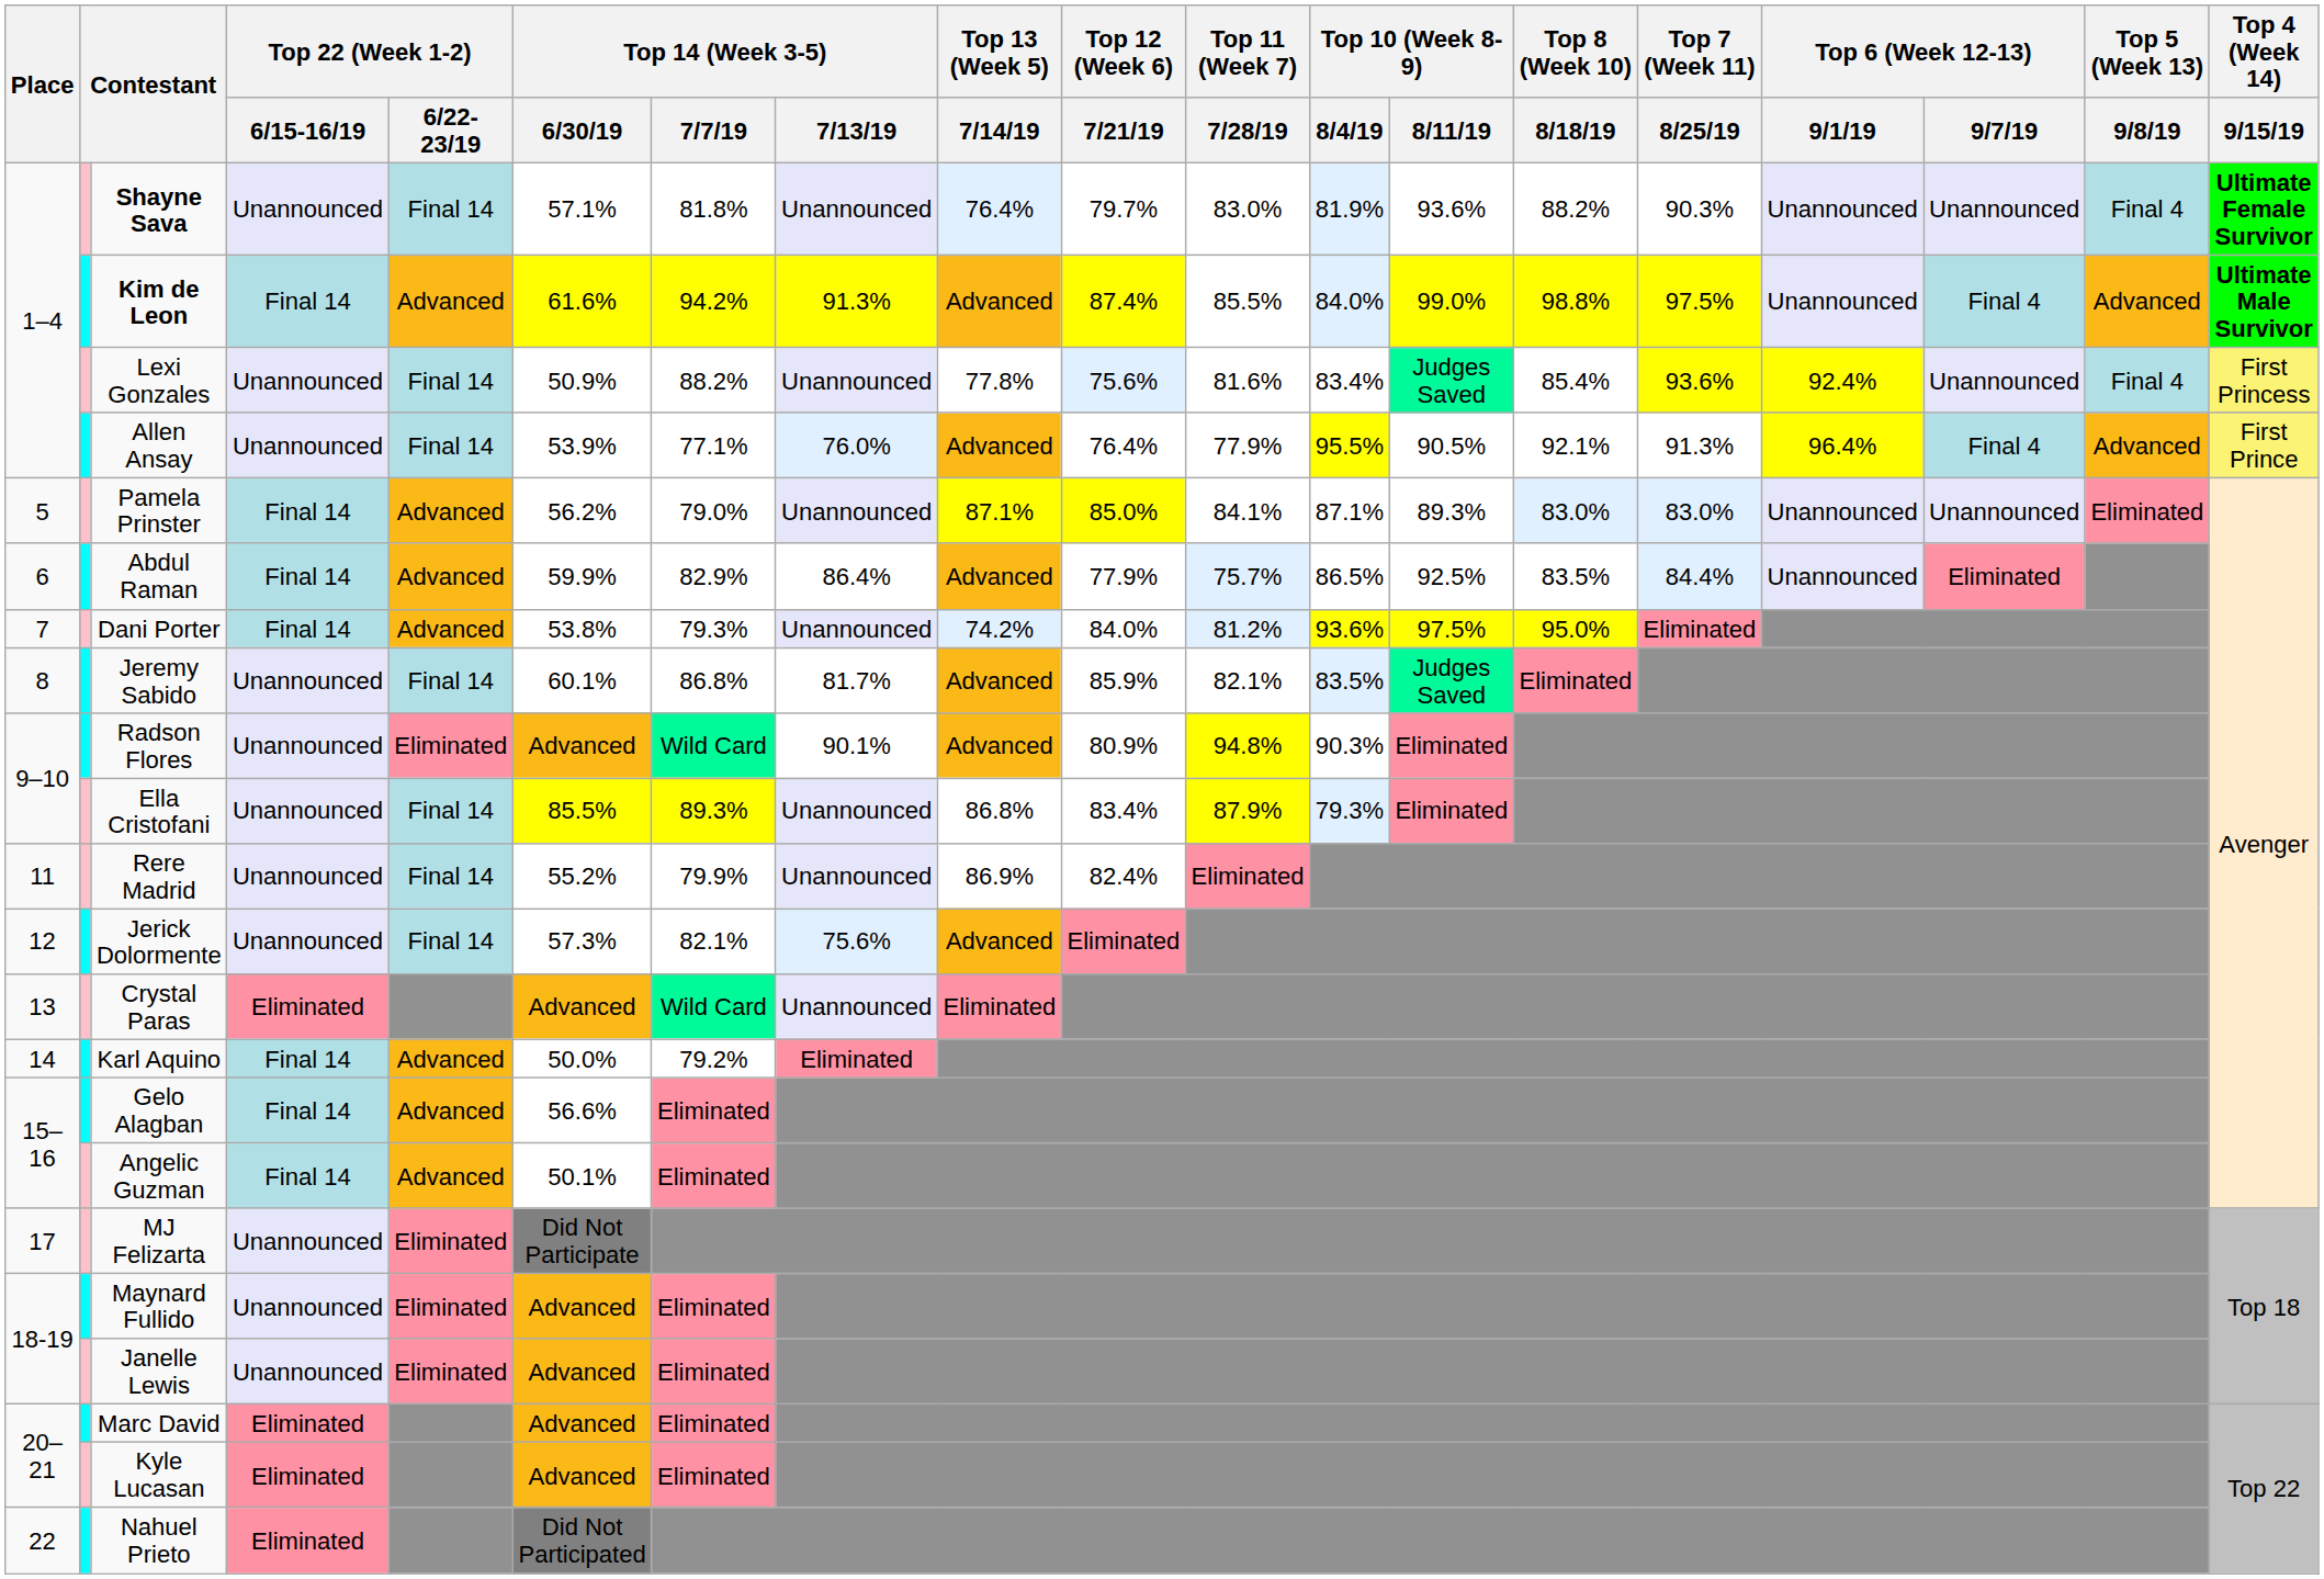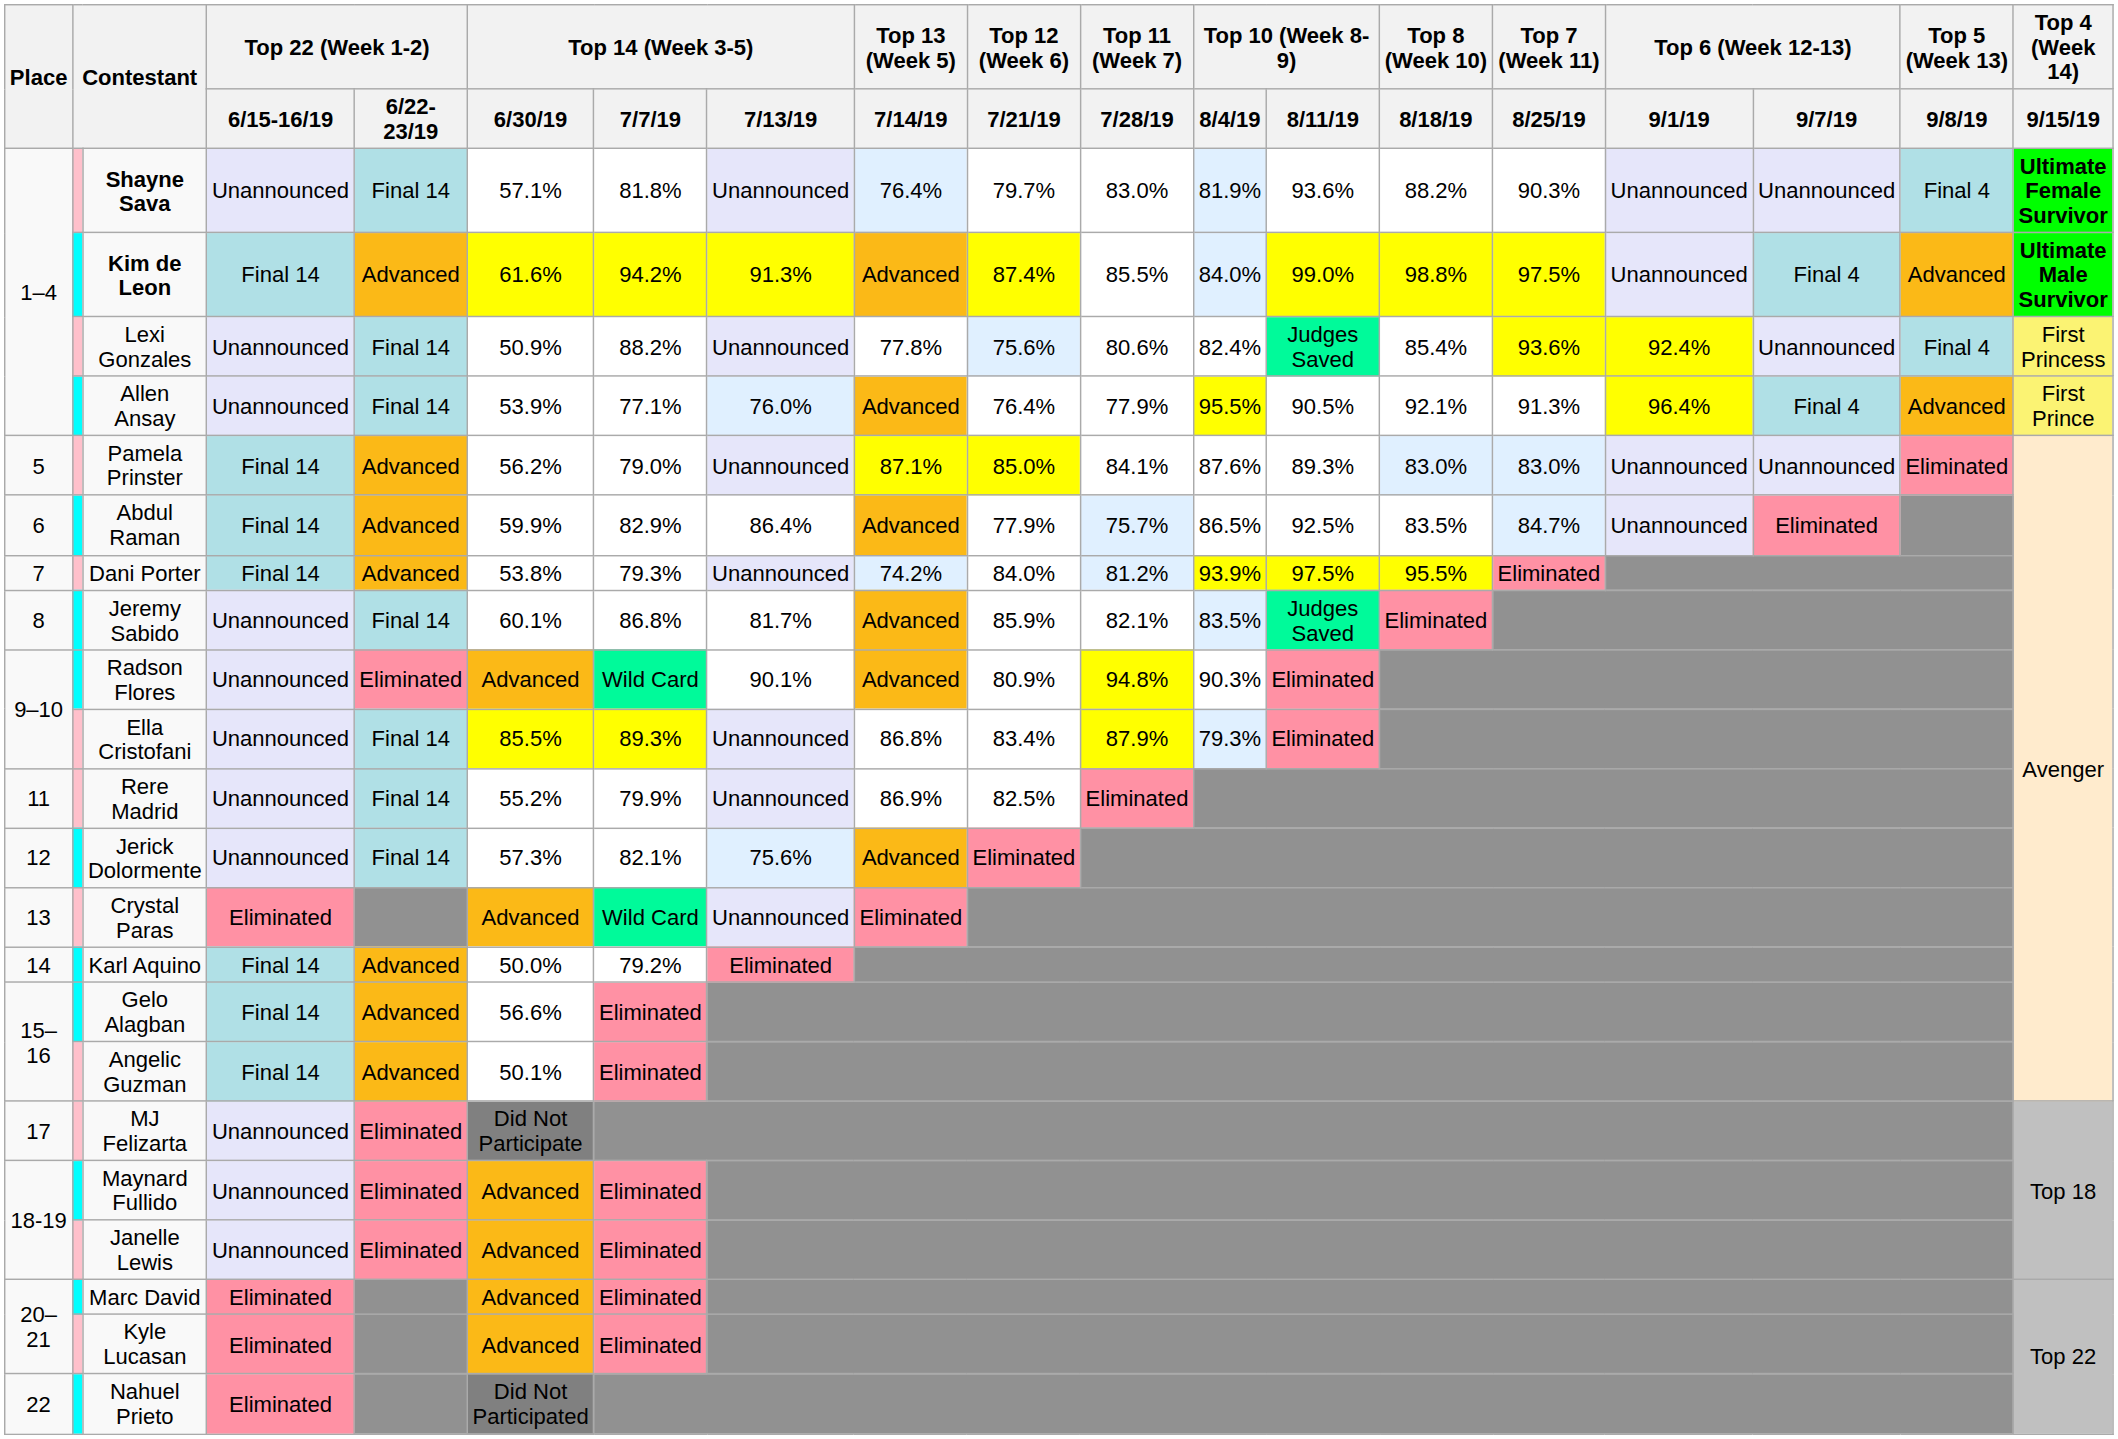 <table class="wikitable nowrap" style="text-align:center; font-size:95%; width:99%;">
 <tr>
 <th scope="col" rowspan="2">Place</th>
 <th scope="col" rowspan="2" colspan="2">Contestant</th>
 <th scope="col" colspan="2" style="width:24%;">Top 22 (Week 1-2)</th>
 <th scope="col" colspan="3" style="width:24%;">Top 14 (Week 3-5)</th>
 <th scope="col" style="width:7%;">Top 13 (Week 5)</th>
 <th scope="col" style="width:7%;">Top 12 (Week 6)</th>
 <th scope="col" style="width:7%;">Top 11 (Week 7)</th>
 <th scope="col" colspan="2" style="width:24%;">Top 10 (Week 8-9)</th>
 <th scope="col" style="width:7%;">Top 8 (Week 10)</th>
 <th scope="col" style="width:7%;">Top 7 (Week 11)</th>
 <th scope="col" colspan="2" style="width:24%;">Top 6 (Week 12-13)</th>
 <th scope="col" style="width:7%;">Top 5 (Week 13)</th>
 <th scope="col" style="width:7%;">Top 4 (Week 14)</th>
 </tr>
 <tr>
 <th scope="col">6/15-16/19 </th>
 <th scope="col">6/22-23/19 </th>
 <th scope="col">6/30/19 </th>
 <th scope="col">7/7/19 </th>
 <th scope="col">7/13/19</th>
 <th scope="col">7/14/19</th>
 <th scope="col">7/21/19</th>
 <th scope="col">7/28/19 </th>
 <th scope="col">8/4/19 </th>
 <th scope="col">8/11/19 </th>
 <th scope="col">8/18/19 </th>
 <th scope="col">8/25/19 </th>
 <th scope="col">9/1/19 </th>
 <th scope="col">9/7/19 </th>
 <th scope="col">9/8/19 </th>
 <th scope="col">9/15/19 </th>
 </tr>
 <tr>
 <td rowspan="4">1–4</td>
 <td style="background:pink;"></td>
 <td><strong>Shayne Sava</strong></td>
 <td style="background:lavender">Unannounced</td>
 <td style="background:#B0E0E6">Final 14</td>
 <td style="background:#FFFFFF">57.1%</td>
 <td style="background:#FFFFFF">81.8%</td>
 <td style="background:lavender">Unannounced</td>
 <td style="background:#e0f0ff">76.4%</td>
 <td style="background:#FFFFFF">79.7%</td>
 <td style="background:#FFFFFF">83.0%</td>
 <td style="background:#e0f0ff">81.9%</td>
 <td style="background:#FFFFFF">93.6%</td>
 <td style="background:#FFFFFF">88.2%</td>
 <td style="background:#FFFFFF">90.3%</td>
 <td style="background:lavender">Unannounced</td>
 <td style="background:lavender">Unannounced</td>
 <td style="background:#B0E0E6">Final 4</td>
 <td style="background:lime" align="center"><strong>Ultimate Female Survivor</strong></td>
 </tr>
 <tr>
 <td style="background:cyan;"></td>
 <td><strong>Kim de Leon</strong></td>
 <td style="background:#B0E0E6">Final 14</td>
 <td style="background:#fbb917">Advanced</td>
 <td style="background:#FFFF00">61.6%</td>
 <td style="background:#FFFF00">94.2%</td>
 <td style="background:#FFFF00">91.3%</td>
 <td style="background:#fbb917">Advanced</td>
 <td style="background:#FFFF00">87.4%</td>
 <td style="background:#FFFFFF">85.5%</td>
 <td style="background:#e0f0ff">84.0%</td>
 <td style="background:#FFFF00">99.0%</td>
 <td style="background:#FFFF00">98.8%</td>
 <td style="background:#FFFF00">97.5%</td>
 <td style="background:lavender">Unannounced</td>
 <td style="background:#B0E0E6">Final 4</td>
 <td style="background:#fbb917">Advanced</td>
 <td style="background:lime" align="center"><strong>Ultimate Male Survivor</strong></td>
 </tr>
 <tr>
 <td style="background:pink;"></td>
 <td>Lexi Gonzales</td>
 <td style="background:lavender">Unannounced</td>
 <td style="background:#B0E0E6">Final 14</td>
 <td style="background:#FFFFFF">50.9%</td>
 <td style="background:#FFFFFF">88.2%</td>
 <td style="background:lavender">Unannounced</td>
 <td style="background:#FFFFFF">77.8%</td>
 <td style="background:#e0f0ff">75.6%</td>
-<td style="background:#FFFFFF">81.6%</td>
-<td style="background:#FFFFFF">83.4%</td>
+<td style="background:#FFFFFF">80.6%</td>
+<td style="background:#FFFFFF">82.4%</td>
 <td style="background:#00fa9a">Judges Saved</td>
 <td style="background:#FFFFFF">85.4%</td>
 <td style="background:#FFFF00">93.6%</td>
 <td style="background:#FFFF00">92.4%</td>
 <td style="background:lavender">Unannounced</td>
 <td style="background:#B0E0E6">Final 4</td>
 <td style="background:#FBF373">First Princess</td>
 </tr>
 <tr>
 <td style="background:cyan;"></td>
 <td>Allen Ansay</td>
 <td style="background:lavender">Unannounced</td>
 <td style="background:#B0E0E6">Final 14</td>
 <td style="background:#FFFFFF">53.9%</td>
 <td style="background:#FFFFFF">77.1%</td>
 <td style="background:#e0f0ff">76.0%</td>
 <td style="background:#fbb917">Advanced</td>
 <td style="background:#FFFFFF">76.4%</td>
 <td style="background:#FFFFFF">77.9%</td>
 <td style="background:#FFFF00">95.5%</td>
 <td style="background:#FFFFFF">90.5%</td>
 <td style="background:#FFFFFF">92.1%</td>
 <td style="background:#FFFFFF">91.3%</td>
 <td style="background:#FFFF00">96.4%</td>
 <td style="background:#B0E0E6">Final 4</td>
 <td style="background:#fbb917">Advanced</td>
 <td style="background:#FBF373">First Prince</td>
 </tr>
 <tr>
 <td>5</td>
 <td style="background:pink;"></td>
 <td>Pamela Prinster</td>
 <td style="background:#B0E0E6">Final 14</td>
 <td style="background:#fbb917">Advanced</td>
 <td style="background:#FFFFFF">56.2%</td>
 <td style="background:#FFFFFF">79.0%</td>
 <td style="background:lavender">Unannounced</td>
 <td style="background:#FFFF00">87.1%</td>
 <td style="background:#FFFF00">85.0%</td>
 <td style="background:#FFFFFF">84.1%</td>
-<td style="background:#FFFFFF">87.1%</td>
+<td style="background:#FFFFFF">87.6%</td>
 <td style="background:#FFFFFF">89.3%</td>
 <td style="background:#e0f0ff">83.0%</td>
 <td style="background:#e0f0ff">83.0%</td>
 <td style="background:lavender">Unannounced</td>
 <td style="background:lavender">Unannounced</td>
 <td style="background:#FF91A4">Eliminated</td>
 <td style="background:#FFEBCD" rowspan=12>Avenger</td>
 </tr>
 <tr>
 <td>6</td>
 <td style="background:cyan;"></td>
 <td>Abdul Raman</td>
 <td style="background:#B0E0E6">Final 14</td>
 <td style="background:#fbb917">Advanced</td>
 <td style="background:#FFFFFF">59.9%</td>
 <td style="background:#FFFFFF">82.9%</td>
 <td style="background:#FFFFFF">86.4%</td>
 <td style="background:#fbb917">Advanced</td>
 <td style="background:#FFFFFF">77.9%</td>
 <td style="background:#e0f0ff">75.7%</td>
 <td style="background:#FFFFFF">86.5%</td>
 <td style="background:#FFFFFF">92.5%</td>
 <td style="background:#FFFFFF">83.5%</td>
-<td style="background:#e0f0ff">84.4%</td>
+<td style="background:#e0f0ff">84.7%</td>
 <td style="background:lavender">Unannounced</td>
 <td style="background:#FF91A4">Eliminated</td>
 <td style="background:#919191" colspan="1"></td>
 </tr>
 <tr>
 <td>7</td>
 <td style="background:pink;"></td>
 <td>Dani Porter</td>
 <td style="background:#B0E0E6">Final 14</td>
 <td style="background:#fbb917">Advanced</td>
 <td style="background:#FFFFFF">53.8%</td>
 <td style="background:#FFFFFF">79.3%</td>
 <td style="background:lavender">Unannounced</td>
 <td style="background:#e0f0ff">74.2%</td>
 <td style="background:#FFFFFF">84.0%</td>
 <td style="background:#e0f0ff">81.2%</td>
-<td style="background:#FFFF00">93.6%</td>
+<td style="background:#FFFF00">93.9%</td>
 <td style="background:#FFFF00">97.5%</td>
-<td style="background:#FFFF00">95.0%</td>
+<td style="background:#FFFF00">95.5%</td>
 <td style="background:#FF91A4">Eliminated</td>
 <td style="background:#919191" colspan="3"></td>
 </tr>
 <tr>
 <td>8</td>
 <td style="background:cyan;"></td>
 <td>Jeremy Sabido</td>
 <td style="background:lavender">Unannounced</td>
 <td style="background:#B0E0E6">Final 14</td>
 <td style="background:#FFFFFF">60.1%</td>
 <td style="background:#FFFFFF">86.8%</td>
 <td style="background:#FFFFFF">81.7%</td>
 <td style="background:#fbb917">Advanced</td>
 <td style="background:#FFFFFF">85.9%</td>
 <td style="background:#FFFFFF">82.1%</td>
 <td style="background:#e0f0ff">83.5%</td>
 <td style="background:#00fa9a">Judges Saved</td>
 <td style="background:#FF91A4">Eliminated</td>
 <td style="background:#919191" colspan="4"></td>
 </tr>
 <tr>
 <td rowspan="2">9–10</td>
 <td style="background:cyan;"></td>
 <td>Radson Flores</td>
 <td style="background:lavender">Unannounced</td>
 <td style="background:#FF91A4">Eliminated</td>
 <td style="background:#FBB917">Advanced</td>
 <td style="background:#00fa9a">Wild Card</td>
 <td style="background:#FFFFFF">90.1%</td>
 <td style="background:#fbb917">Advanced</td>
 <td style="background:#FFFFFF">80.9%</td>
 <td style="background:#FFFF00">94.8%</td>
 <td style="background:#FFFFFF">90.3%</td>
 <td style="background:#FF91A4">Eliminated</td>
 <td style="background:#919191" colspan="5"></td>
 </tr>
 <tr>
 <td style="background:pink;"></td>
 <td>Ella Cristofani</td>
 <td style="background:lavender">Unannounced</td>
 <td style="background:#B0E0E6">Final 14</td>
 <td style="background:#FFFF00">85.5%</td>
 <td style="background:#FFFF00">89.3%</td>
 <td style="background:lavender">Unannounced</td>
 <td style="background:#FFFFFF">86.8%</td>
 <td style="background:#FFFFFF">83.4%</td>
 <td style="background:#FFFF00">87.9%</td>
 <td style="background:#e0f0ff">79.3%</td>
 <td style="background:#FF91A4">Eliminated</td>
 <td style="background:#919191" colspan="5"></td>
 </tr>
 <tr>
 <td>11</td>
 <td style="background:pink;"></td>
 <td>Rere Madrid</td>
 <td style="background:lavender">Unannounced</td>
 <td style="background:#B0E0E6">Final 14</td>
 <td style="background:#FFFFFF">55.2%</td>
 <td style="background:#FFFFFF">79.9%</td>
 <td style="background:lavender">Unannounced</td>
 <td style="background:#FFFFFF">86.9%</td>
-<td style="background:#FFFFFF">82.4%</td>
+<td style="background:#FFFFFF">82.5%</td>
 <td style="background:#FF91A4">Eliminated</td>
 <td style="background:#919191" colspan="7"></td>
 </tr>
 <tr>
 <td>12</td>
 <td style="background:cyan;"></td>
 <td>Jerick Dolormente</td>
 <td style="background:lavender">Unannounced</td>
 <td style="background:#B0E0E6">Final 14</td>
 <td style="background:#FFFFFF">57.3%</td>
 <td style="background:#FFFFFF">82.1%</td>
 <td style="background:#e0f0ff">75.6%</td>
 <td style="background:#fbb917">Advanced</td>
 <td style="background:#FF91A4">Eliminated</td>
 <td style="background:#919191" colspan="8"></td>
 </tr>
 <tr>
 <td>13</td>
 <td style="background:pink;"></td>
 <td>Crystal Paras</td>
 <td style="background:#FF91A4">Eliminated</td>
 <td style="background:#919191"></td>
 <td style="background:#FBB917">Advanced</td>
 <td style="background:#00fa9a">Wild Card</td>
 <td style="background:lavender">Unannounced</td>
 <td style="background:#FF91A4">Eliminated</td>
 <td style="background:#919191" colspan="9"></td>
 </tr>
 <tr>
 <td>14</td>
 <td style="background:cyan;"></td>
 <td>Karl Aquino</td>
 <td style="background:#B0E0E6">Final 14</td>
 <td style="background:#fbb917">Advanced</td>
 <td style="background:#FFFFFF">50.0%</td>
 <td style="background:#FFFFFF">79.2%</td>
 <td style="background:#FF91A4">Eliminated</td>
 <td style="background:#919191" colspan="10"></td>
 </tr>
 <tr>
 <td rowspan="2">15–16</td>
 <td style="background:cyan;"></td>
 <td>Gelo Alagban</td>
 <td style="background:#B0E0E6">Final 14</td>
 <td style="background:#fbb917">Advanced</td>
 <td style="background:#FFFFFF">56.6%</td>
 <td style="background:#FF91A4">Eliminated</td>
 <td style="background:#919191" colspan="11"></td>
 </tr>
 <tr>
 <td style="background:pink;"></td>
 <td>Angelic Guzman</td>
 <td style="background:#B0E0E6">Final 14</td>
 <td style="background:#fbb917">Advanced</td>
 <td style="background:#FFFFFF">50.1%</td>
 <td style="background:#FF91A4">Eliminated</td>
 <td style="background:#919191" colspan="11"></td>
 </tr>
 <tr>
 <td rowspan="1">17</td>
 <td style="background:pink;"></td>
 <td>MJ Felizarta</td>
 <td style="background:lavender">Unannounced</td>
 <td style="background:#FF91A4">Eliminated</td>
 <td style="background:gray">Did Not Participate</td>
 <td style="background:#919191" colspan="12"></td>
 <td style="background:silver" rowspan=3>Top 18</td>
 </tr>
 <tr>
 <td rowspan="2">18-19</td>
 <td style="background:cyan;"></td>
 <td>Maynard Fullido</td>
 <td style="background:lavender">Unannounced</td>
 <td style="background:#FF91A4">Eliminated</td>
 <td style="background:#fbb917">Advanced</td>
 <td style="background:#FF91A4">Eliminated</td>
 <td style="background:#919191" colspan="11"></td>
 </tr>
 <tr>
 <td style="background:pink;"></td>
 <td>Janelle Lewis</td>
 <td style="background:lavender">Unannounced</td>
 <td style="background:#FF91A4">Eliminated</td>
 <td style="background:#fbb917">Advanced</td>
 <td style="background:#FF91A4">Eliminated</td>
 <td style="background:#919191" colspan="11"></td>
 </tr>
 <tr>
 <td rowspan="2">20–21</td>
 <td style="background:cyan;"></td>
 <td>Marc David</td>
 <td style="background:#FF91A4">Eliminated</td>
 <td style="background:#919191" colspan="1"></td>
 <td style="background:#FBB917">Advanced</td>
 <td style="background:#FF91A4">Eliminated</td>
 <td style="background:#919191" colspan="11"></td>
 <td style="background:silver" rowspan=3>Top 22</td>
 </tr>
 <tr>
 <td style="background:pink;"></td>
 <td>Kyle Lucasan</td>
 <td style="background:#FF91A4">Eliminated</td>
 <td style="background:#919191" colspan="1"></td>
 <td style="background:#FBB917">Advanced</td>
 <td style="background:#FF91A4">Eliminated</td>
 <td style="background:#919191" colspan="11"></td>
 </tr>
 <tr>
 <td rowspan="1">22</td>
 <td style="background:cyan;"></td>
 <td>Nahuel Prieto</td>
 <td style="background:#FF91A4">Eliminated</td>
 <td style="background:#919191" colspan="1"></td>
 <td style="background:gray">Did Not Participated</td>
 <td style="background:#919191" colspan="12"></td>
 </tr>
 </table>
